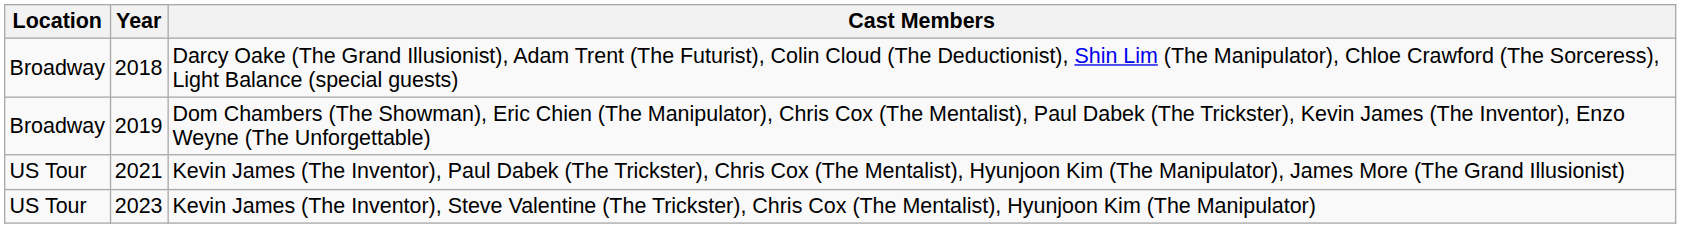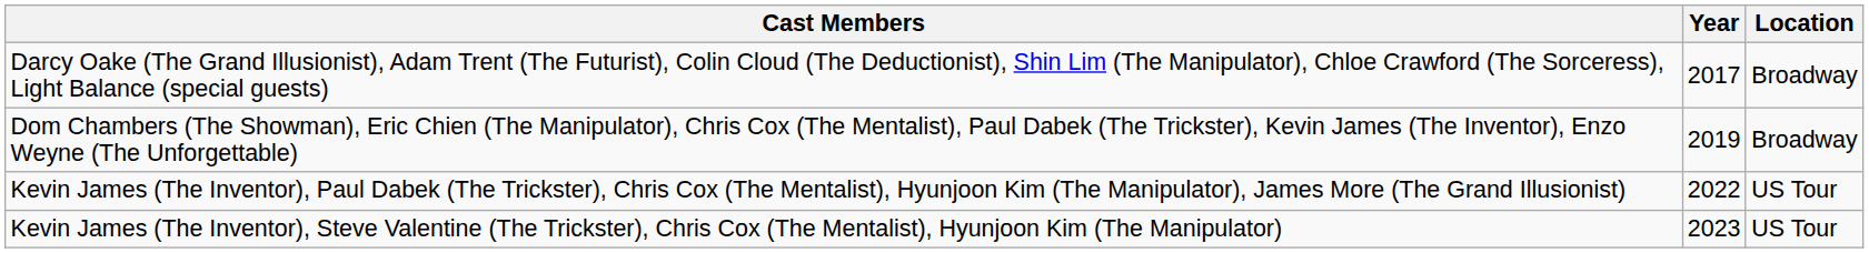 <table class="wikitable">
 <tr>
+<th>Cast Members</th>
+<th>Year</th>
 <th>Location</th>
-<th>Year</th>
-<th>Cast Members</th>
 </tr>
 <tr>
+<td>Darcy Oake (The Grand Illusionist), Adam Trent (The Futurist), Colin Cloud (The Deductionist), <a href='#'>Shin Lim</a> (The Manipulator), Chloe Crawford (The Sorceress), Light Balance (special guests)</td>
+<td style="text-align:left">2017</td>
 <td>Broadway</td>
-<td style="text-align:left">2018</td>
-<td>Darcy Oake (The Grand Illusionist), Adam Trent (The Futurist), Colin Cloud (The Deductionist), <a href='#'>Shin Lim</a> (The Manipulator), Chloe Crawford (The Sorceress), Light Balance (special guests)</td>
 </tr>
 <tr>
+<td>Dom Chambers (The Showman), Eric Chien (The Manipulator), Chris Cox (The Mentalist), Paul Dabek (The Trickster), Kevin James (The Inventor), Enzo Weyne (The Unforgettable)</td>
+<td style="text-align:left">2019</td>
 <td>Broadway</td>
-<td style="text-align:left">2019</td>
-<td>Dom Chambers (The Showman), Eric Chien (The Manipulator), Chris Cox (The Mentalist), Paul Dabek (The Trickster), Kevin James (The Inventor), Enzo Weyne (The Unforgettable)</td>
 </tr>
 <tr>
+<td>Kevin James (The Inventor), Paul Dabek (The Trickster), Chris Cox (The Mentalist), Hyunjoon Kim (The Manipulator), James More (The Grand Illusionist)</td>
+<td style="text-align:left">2022</td>
 <td>US Tour</td>
-<td style="text-align:left">2021</td>
-<td>Kevin James (The Inventor), Paul Dabek (The Trickster), Chris Cox (The Mentalist), Hyunjoon Kim (The Manipulator), James More (The Grand Illusionist)</td>
 </tr>
 <tr>
+<td>Kevin James (The Inventor), Steve Valentine (The Trickster), Chris Cox (The Mentalist), Hyunjoon Kim (The Manipulator)</td>
+<td style="text-align:left">2023</td>
 <td>US Tour</td>
-<td style="text-align:left">2023</td>
-<td>Kevin James (The Inventor), Steve Valentine (The Trickster), Chris Cox (The Mentalist), Hyunjoon Kim (The Manipulator)</td>
 </tr>
 </table>
